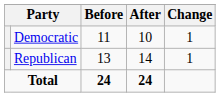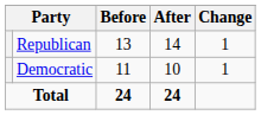 <table class="wikitable" style="text-align:center;">
 <tr>
 </tr>
 <tr>
 <th colspan=2>Party</th>
 <th>Before</th>
 <th>After</th>
 <th>Change</th>
 </tr>
 <tr>
 <th style="background-color:"></th>
-<td style="text-align:left;"><a href='#'>Democratic</a></td>
-<td>11</td>
-<td>10</td>
+<td style="text-align:left;"><a href='#'>Republican</a></td>
+<td>13</td>
+<td>14</td>
 <td> 1</td>
 </tr>
 <tr>
 <th style="background-color:"></th>
-<td style="text-align:left;"><a href='#'>Republican</a></td>
-<td>13</td>
-<td>14</td>
+<td style="text-align:left;"><a href='#'>Democratic</a></td>
+<td>11</td>
+<td>10</td>
 <td> 1</td>
 </tr>
 <tr>
 <td colspan=2><strong>Total</strong></td>
 <td><strong>24</strong></td>
 <td><strong>24</strong></td>
 <td></td>
 </tr>
 </table>
